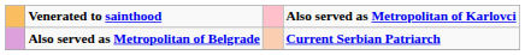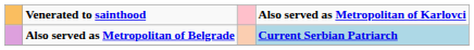 <table class="wikitable" style="font-size:95%;">
 <tr>
 <td style="background-color:#FABE60">    </td>
 <td><strong>Venerated to <a href='#'>sainthood</a></strong></td>
 <td style="background-color:#FFC0CB">    </td>
 <td><strong>Also served as <a href='#'>Metropolitan of Karlovci</a></strong></td>
 </tr>
 <tr>
 <td style="background-color:plum">    </td>
 <td><strong>Also served as <a href='#'>Metropolitan of Belgrade</a></strong></td>
 <td style="background-color:#FBCEB1">    </td>
-<td><strong><a href='#'>Current Serbian Patriarch</a></strong></td>
+<td style="background: lightblue;"><strong><a href='#'>Current Serbian Patriarch</a></strong></td>
 </tr>
 <tr>
 </tr>
 </table>
